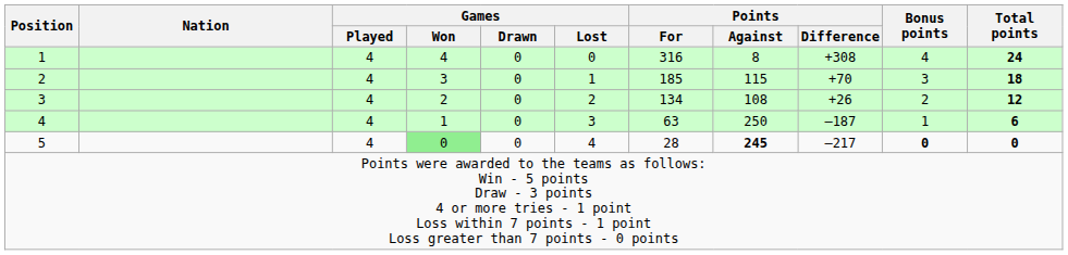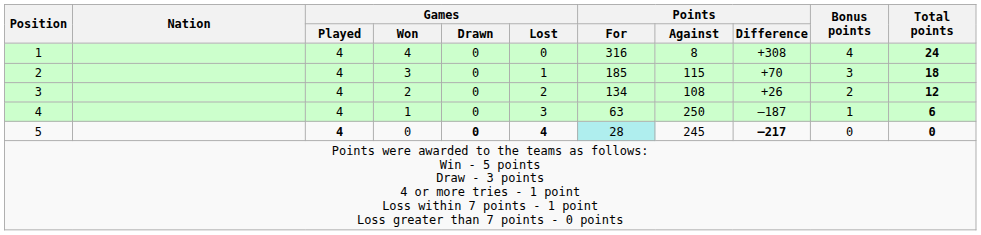 <table class="wikitable" style="text-align:center">
 <tr>
 <th rowspan="2" style="width:7%;">Position</th>
 <th rowspan="2" style="width:24%;">Nation</th>
 <th colspan="4" style="width:30%;">Games</th>
 <th colspan="3" style="width:32%;">Points</th>
 <th rowspan="2" style="width:8%;">Bonus<br>points</th>
 <th rowspan="2" style="width:10%;">Total<br>points</th>
 </tr>
 <tr>
 <th style="width:7%;">Played</th>
 <th style="width:7%;">Won</th>
 <th style="width:7%;">Drawn</th>
 <th style="width:7%;">Lost</th>
 <th style="width:8%;">For</th>
 <th style="width:8%;">Against</th>
 <th style="width:8%;">Difference</th>
 </tr>
 <tr bgcolor="#ccffcc">
 <td>1</td>
 <td align="left"></td>
 <td>4</td>
 <td>4</td>
 <td>0</td>
 <td>0</td>
 <td>316</td>
 <td>8</td>
 <td>+308</td>
 <td>4</td>
 <td><strong>24</strong></td>
 </tr>
 <tr bgcolor="#ccffcc">
 <td>2</td>
 <td align="left"></td>
 <td>4</td>
 <td>3</td>
 <td>0</td>
 <td>1</td>
 <td>185</td>
 <td>115</td>
 <td>+70</td>
 <td>3</td>
 <td><strong>18</strong></td>
 </tr>
 <tr bgcolor="#ccffcc">
 <td>3</td>
 <td align="left"></td>
 <td>4</td>
 <td>2</td>
 <td>0</td>
 <td>2</td>
 <td>134</td>
 <td>108</td>
 <td>+26</td>
 <td>2</td>
 <td><strong>12</strong></td>
 </tr>
 <tr bgcolor="#ccffcc">
 <td>4</td>
 <td align="left"></td>
 <td>4</td>
 <td>1</td>
 <td>0</td>
 <td>3</td>
 <td>63</td>
 <td>250</td>
 <td>–187</td>
 <td>1</td>
 <td><strong>6</strong></td>
 </tr>
 <tr>
 <td>5</td>
 <td align="left"></td>
-<td>4</td>
-<td style="background: lightgreen;">0</td>
+<td><strong>4</strong></td>
 <td>0</td>
-<td>4</td>
-<td>28</td>
-<td><strong>245</strong></td>
-<td>–217</td>
 <td><strong>0</strong></td>
+<td><strong>4</strong></td>
+<td style="background: paleturquoise;">28</td>
+<td>245</td>
+<td><strong>–217</strong></td>
+<td>0</td>
 <td><strong>0</strong></td>
 </tr>
 <tr>
 <td colspan="100%" style="text-align:center;">Points were awarded to the teams as follows:<br>Win - 5 points<br>Draw - 3 points<br> 4 or more tries - 1 point<br> Loss within 7 points - 1 point<br>Loss greater than 7 points - 0 points</td>
 </tr>
 </table>
